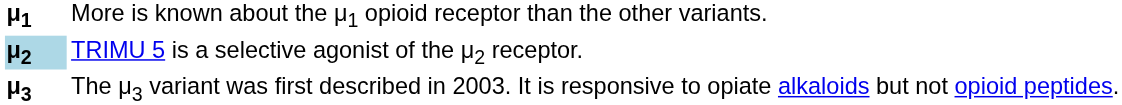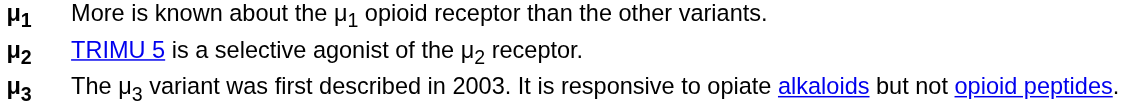 <table>
 <tr>
 <td width="40"><strong>μ<sub>1</sub></strong></td>
 <td>More is known about the μ<sub>1</sub> opioid receptor than the other variants.</td>
 </tr>
 <tr>
-<td style="background: lightblue;"><strong>μ<sub>2</sub></strong></td>
+<td><strong>μ<sub>2</sub></strong></td>
 <td><a href='#'>TRIMU 5</a> is a selective agonist of the μ<sub>2</sub> receptor.</td>
 </tr>
 <tr>
 <td><strong>μ<sub>3</sub></strong></td>
 <td>The μ<sub>3</sub> variant was first described in 2003. It is responsive to opiate <a href='#'>alkaloids</a> but not <a href='#'>opioid peptides</a>.</td>
 </tr>
 </table>
